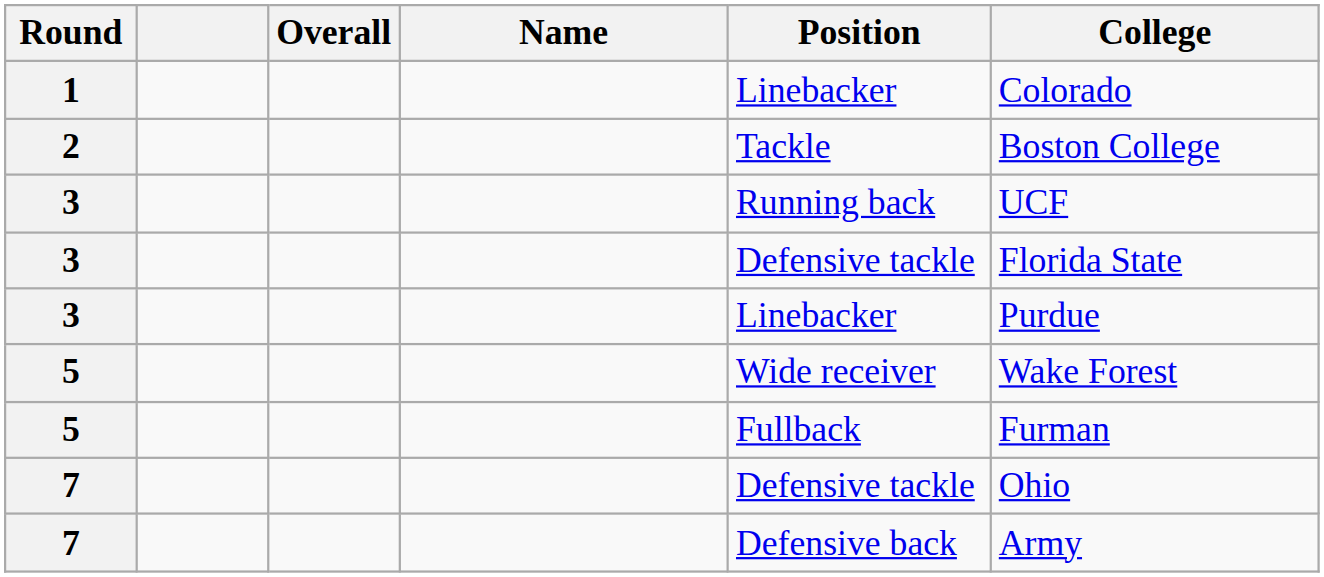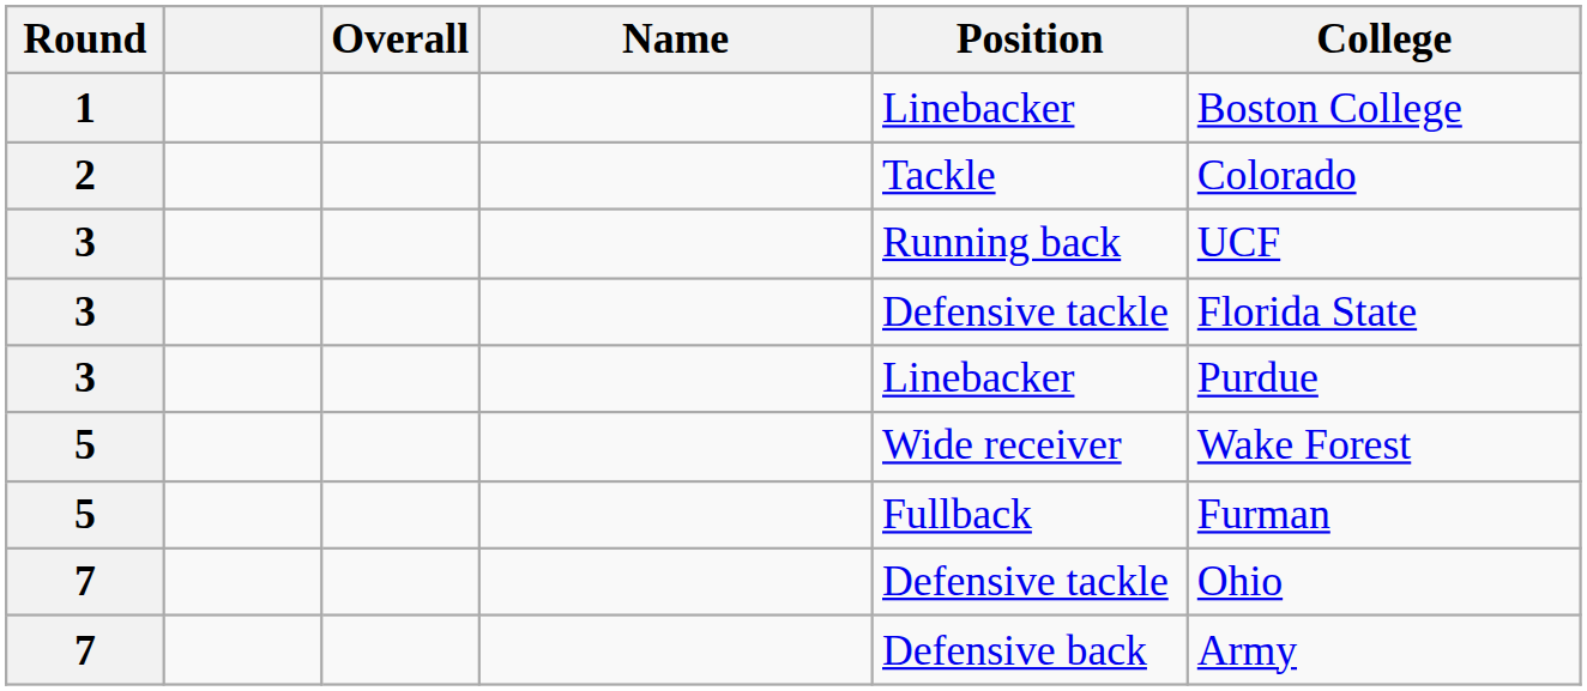 <table class="wikitable sortable">
 <tr>
 <th scope="col" style="width: 10%;">Round</th>
 <th scope="col" style="width: 10%;"></th>
 <th scope="col" style="width: 10%;">Overall</th>
 <th scope="col" style="width: 25%;">Name</th>
 <th scope="col" style="width: 20%;">Position</th>
 <th scope="col" style="width: 25%;">College</th>
 </tr>
 <tr>
 <th scope="row">1</th>
 <td></td>
 <td></td>
 <td></td>
 <td><a href='#'>Linebacker</a></td>
-<td><a href='#'>Colorado</a></td>
+<td><a href='#'>Boston College</a></td>
 </tr>
 <tr>
 <th scope="row">2</th>
 <td></td>
 <td></td>
 <td></td>
 <td><a href='#'>Tackle</a></td>
-<td><a href='#'>Boston College</a></td>
+<td><a href='#'>Colorado</a></td>
 </tr>
 <tr>
 <th scope="row">3</th>
 <td></td>
 <td></td>
 <td></td>
 <td><a href='#'>Running back</a></td>
 <td><a href='#'>UCF</a></td>
 </tr>
 <tr>
 <th scope="row">3</th>
 <td></td>
 <td></td>
 <td></td>
 <td><a href='#'>Defensive tackle</a></td>
 <td><a href='#'>Florida State</a></td>
 </tr>
 <tr>
 <th scope="row">3</th>
 <td></td>
 <td></td>
 <td></td>
 <td><a href='#'>Linebacker</a></td>
 <td><a href='#'>Purdue</a></td>
 </tr>
 <tr>
 <th scope="row">5</th>
 <td></td>
 <td></td>
 <td></td>
 <td><a href='#'>Wide receiver</a></td>
 <td><a href='#'>Wake Forest</a></td>
 </tr>
 <tr>
 <th scope="row">5</th>
 <td></td>
 <td></td>
 <td></td>
 <td><a href='#'>Fullback</a></td>
 <td><a href='#'>Furman</a></td>
 </tr>
 <tr>
 <th scope="row">7</th>
 <td></td>
 <td></td>
 <td></td>
 <td><a href='#'>Defensive tackle</a></td>
 <td><a href='#'>Ohio</a></td>
 </tr>
 <tr>
 <th scope="row">7</th>
 <td></td>
 <td></td>
 <td></td>
 <td><a href='#'>Defensive back</a></td>
 <td><a href='#'>Army</a></td>
 </tr>
 </table>
